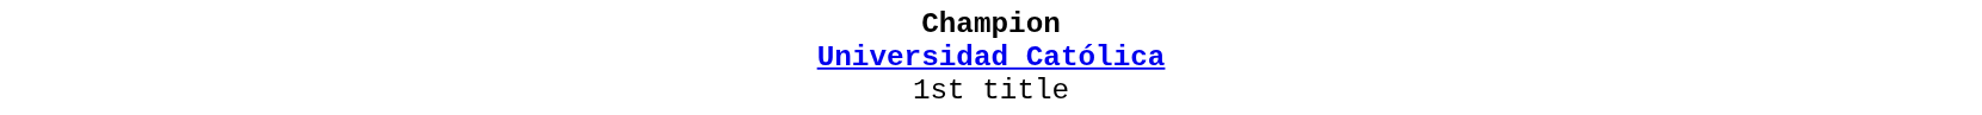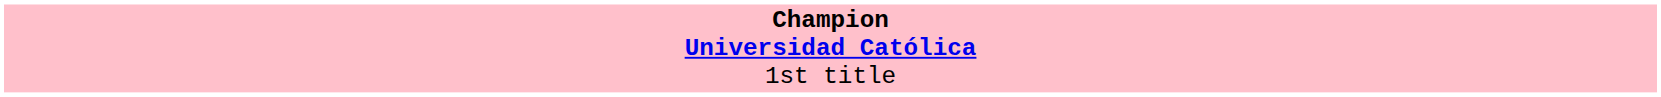 <table cellspacing=0 width=100%>
 <tr align=center>
 <td></td>
 </tr>
 <tr align=center>
 <td></td>
 </tr>
 <tr align=center>
-<td><strong>Champion</strong><br><strong><a href='#'>Universidad Católica</a></strong><br>1st title</td>
+<td style="background: pink;"><strong>Champion</strong><br><strong><a href='#'>Universidad Católica</a></strong><br>1st title</td>
 </tr>
 </table>
